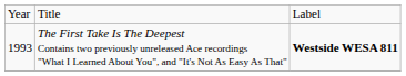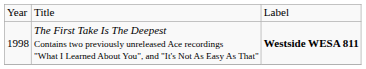 <table class="wikitable">
 <tr>
 <td>Year</td>
 <td>Title</td>
 <td>Label</td>
 </tr>
 <tr>
-<td>1993</td>
+<td>1998</td>
 <td><em>The First Take Is The Deepest</em><br><small>Contains two previously unreleased Ace recordings<br> "What I Learned About You", and "It's Not As Easy As That"</small></td>
 <td><strong>Westside WESA 811</strong></td>
 </tr>
 <tr>
 </tr>
 </table>
